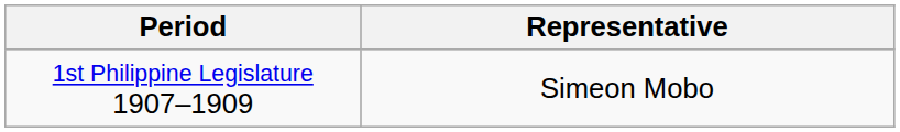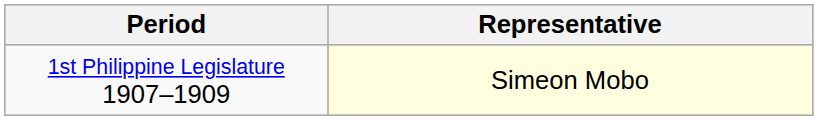 <table class="wikitable" style="text-align:center; width:40%;">
 <tr>
 <th width="40%">Period</th>
 <th>Representative</th>
 </tr>
 <tr>
 <td><small><a href='#'>1st Philippine Legislature</a></small><br>1907–1909</td>
-<td>Simeon Mobo</td>
+<td style="background: lightyellow;">Simeon Mobo</td>
 </tr>
 </table>
